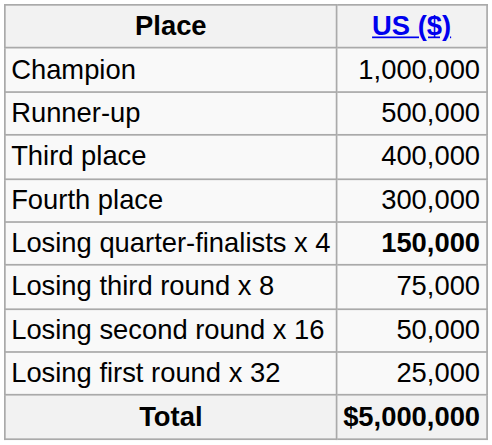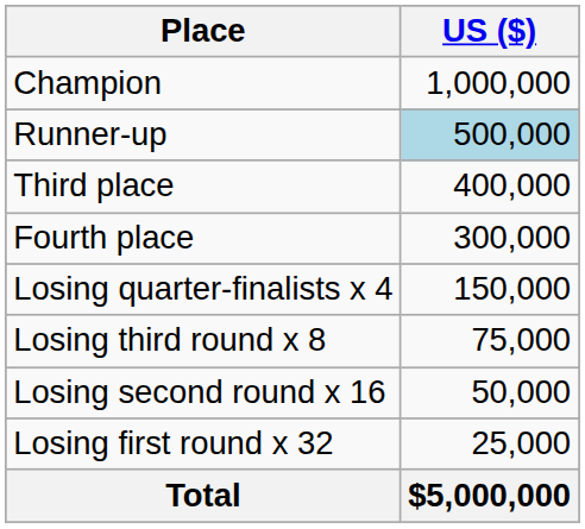 <table class="wikitable">
 <tr>
 <th>Place</th>
 <th><a href='#'>US ($)</a></th>
 </tr>
 <tr>
 <td>Champion</td>
 <td align=right>1,000,000</td>
 </tr>
 <tr>
 <td>Runner-up</td>
-<td align=right>500,000</td>
+<td align=right style="background: lightblue;">500,000</td>
 </tr>
 <tr>
 <td>Third place</td>
 <td align=right>400,000</td>
 </tr>
 <tr>
 <td>Fourth place</td>
 <td align=right>300,000</td>
 </tr>
 <tr>
 <td>Losing quarter-finalists x 4</td>
-<td align=right><strong>150,000</strong></td>
+<td align=right>150,000</td>
 </tr>
 <tr>
 <td>Losing third round x 8</td>
 <td align=right>75,000</td>
 </tr>
 <tr>
 <td>Losing second round x 16</td>
 <td align=right>50,000</td>
 </tr>
 <tr>
 <td>Losing first round x 32</td>
 <td align=right>25,000</td>
 </tr>
 <tr>
 <th>Total</th>
 <th>$5,000,000</th>
 </tr>
 </table>
